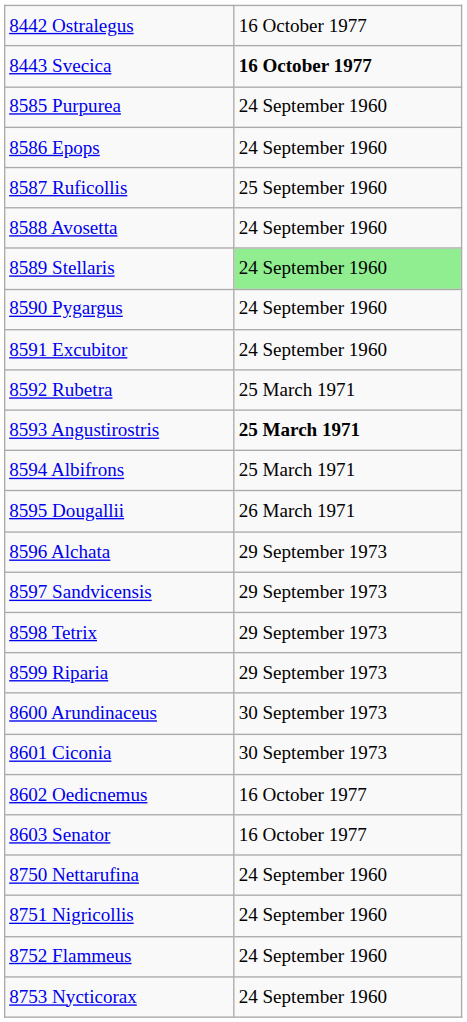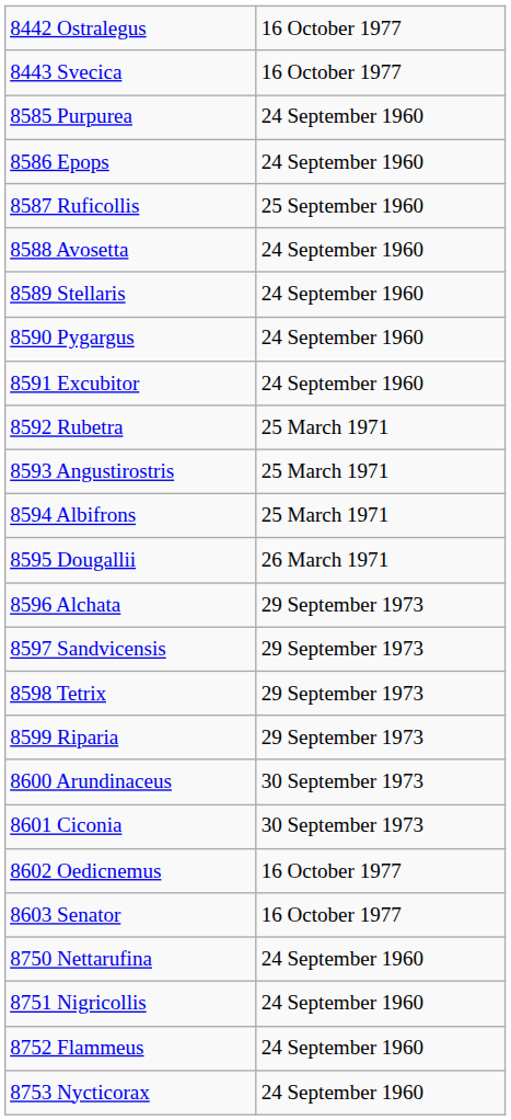 <table class="wikitable" style="font-size: 89%; float: left; width: 24em; margin-right: 1em; line-height: 1.65em">
 <tr>
 <td><a href='#'>8442 Ostralegus</a></td>
 <td>16 October 1977</td>
 </tr>
 <tr>
 <td><a href='#'>8443 Svecica</a></td>
-<td><strong>16 October 1977</strong></td>
+<td>16 October 1977</td>
 </tr>
 <tr>
 <td><a href='#'>8585 Purpurea</a></td>
 <td>24 September 1960</td>
 </tr>
 <tr>
 <td><a href='#'>8586 Epops</a></td>
 <td>24 September 1960</td>
 </tr>
 <tr>
 <td><a href='#'>8587 Ruficollis</a></td>
 <td>25 September 1960</td>
 </tr>
 <tr>
 <td><a href='#'>8588 Avosetta</a></td>
 <td>24 September 1960</td>
 </tr>
 <tr>
 <td><a href='#'>8589 Stellaris</a></td>
-<td style="background: lightgreen;">24 September 1960</td>
+<td>24 September 1960</td>
 </tr>
 <tr>
 <td><a href='#'>8590 Pygargus</a></td>
 <td>24 September 1960</td>
 </tr>
 <tr>
 <td><a href='#'>8591 Excubitor</a></td>
 <td>24 September 1960</td>
 </tr>
 <tr>
 <td><a href='#'>8592 Rubetra</a></td>
 <td>25 March 1971</td>
 </tr>
 <tr>
 <td><a href='#'>8593 Angustirostris</a></td>
-<td><strong>25 March 1971</strong></td>
+<td>25 March 1971</td>
 </tr>
 <tr>
 <td><a href='#'>8594 Albifrons</a></td>
 <td>25 March 1971</td>
 </tr>
 <tr>
 <td><a href='#'>8595 Dougallii</a></td>
 <td>26 March 1971</td>
 </tr>
 <tr>
 <td><a href='#'>8596 Alchata</a></td>
 <td>29 September 1973</td>
 </tr>
 <tr>
 <td><a href='#'>8597 Sandvicensis</a></td>
 <td>29 September 1973</td>
 </tr>
 <tr>
 <td><a href='#'>8598 Tetrix</a></td>
 <td>29 September 1973</td>
 </tr>
 <tr>
 <td><a href='#'>8599 Riparia</a></td>
 <td>29 September 1973</td>
 </tr>
 <tr>
 <td><a href='#'>8600 Arundinaceus</a></td>
 <td>30 September 1973</td>
 </tr>
 <tr>
 <td><a href='#'>8601 Ciconia</a></td>
 <td>30 September 1973</td>
 </tr>
 <tr>
 <td><a href='#'>8602 Oedicnemus</a></td>
 <td>16 October 1977</td>
 </tr>
 <tr>
 <td><a href='#'>8603 Senator</a></td>
 <td>16 October 1977</td>
 </tr>
 <tr>
 <td><a href='#'>8750 Nettarufina</a></td>
 <td>24 September 1960</td>
 </tr>
 <tr>
 <td><a href='#'>8751 Nigricollis</a></td>
 <td>24 September 1960</td>
 </tr>
 <tr>
 <td><a href='#'>8752 Flammeus</a></td>
 <td>24 September 1960</td>
 </tr>
 <tr>
 <td><a href='#'>8753 Nycticorax</a></td>
 <td>24 September 1960</td>
 </tr>
 </table>
